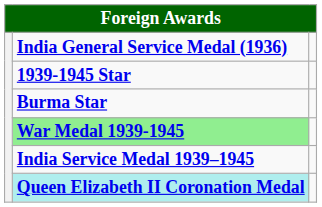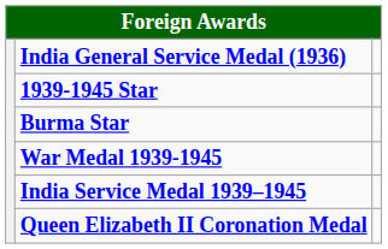 <table class="wikitable">
 <tr>
 <th colspan="3" style="background:#006400; color:#FFFFFF; text-align:center"><strong>Foreign Awards</strong></th>
 </tr>
 <tr>
 <th rowspan="6"><strong></strong></th>
 <td><strong><a href='#'>India General Service Medal (1936)</a></strong></td>
 <td></td>
 </tr>
 <tr>
 <td><strong><a href='#'>1939-1945 Star</a></strong></td>
 <td></td>
 </tr>
 <tr>
 <td><strong><a href='#'>Burma Star</a></strong></td>
 <td></td>
 </tr>
 <tr>
-<td style="background: lightgreen;"><strong><a href='#'>War Medal 1939-1945</a></strong></td>
+<td><strong><a href='#'>War Medal 1939-1945</a></strong></td>
 <td></td>
 </tr>
 <tr>
 <td><strong><a href='#'>India Service Medal 1939–1945</a></strong></td>
 <td></td>
 </tr>
 <tr>
-<td style="background: paleturquoise;"><strong><a href='#'>Queen Elizabeth II Coronation Medal</a></strong></td>
+<td><strong><a href='#'>Queen Elizabeth II Coronation Medal</a></strong></td>
 <td></td>
 </tr>
 </table>
